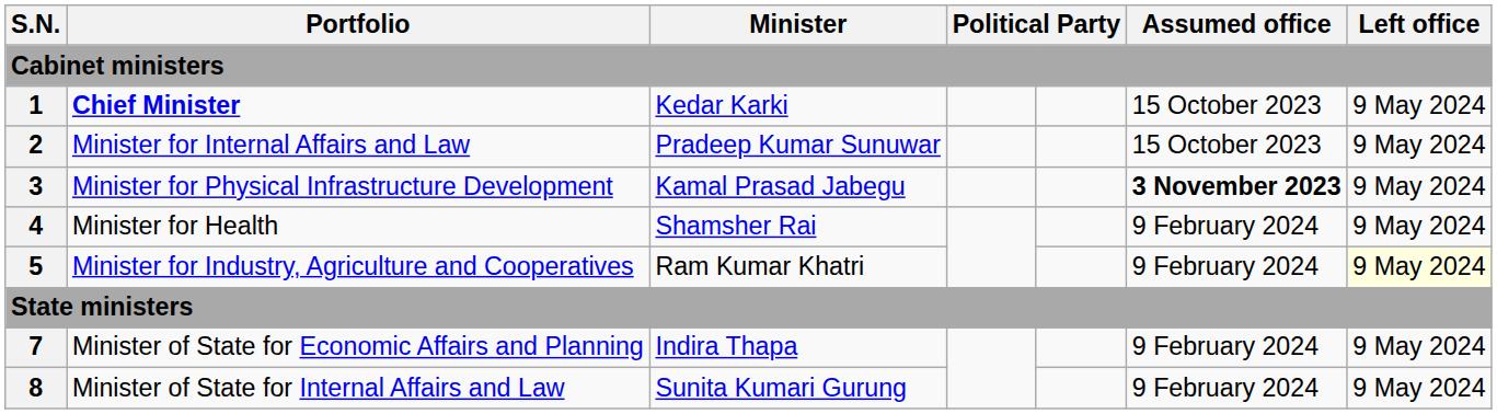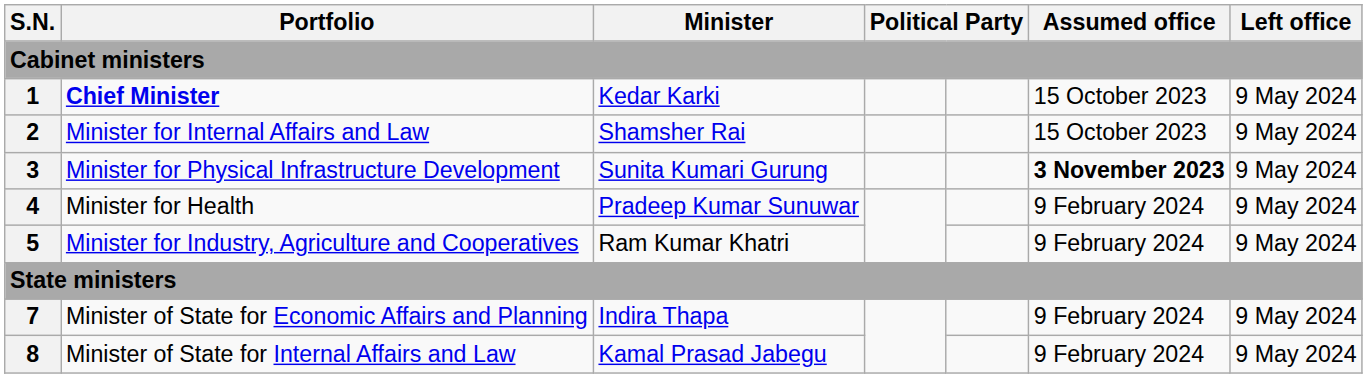 <table class="wikitable">
 <tr>
 <th>S.N.</th>
 <th>Portfolio</th>
 <th>Minister<br></th>
 <th colspan="2">Political Party</th>
 <th>Assumed office</th>
 <th>Left office</th>
 </tr>
 <tr>
 <td colspan="7" bgcolor="darkgrey"><strong>Cabinet ministers</strong></td>
 </tr>
 <tr>
 <th>1</th>
 <td><strong><a href='#'>Chief Minister</a><br></strong></td>
 <td><a href='#'>Kedar Karki</a><br></td>
 <td></td>
 <td></td>
 <td>15 October 2023</td>
 <td>9 May 2024</td>
 </tr>
 <tr>
 <th>2</th>
 <td><a href='#'>Minister for Internal Affairs and Law</a></td>
-<td><a href='#'>Pradeep Kumar Sunuwar</a><br></td>
+<td><a href='#'>Shamsher Rai</a><br></td>
 <td></td>
 <td></td>
 <td>15 October 2023</td>
 <td>9 May 2024</td>
 </tr>
 <tr>
 <th>3</th>
 <td><a href='#'>Minister for Physical Infrastructure Development</a></td>
-<td><a href='#'>Kamal Prasad Jabegu</a><br></td>
+<td><a href='#'>Sunita Kumari Gurung</a><br></td>
 <td></td>
 <td></td>
 <td><strong>3 November 2023</strong></td>
 <td>9 May 2024</td>
 </tr>
 <tr>
 <th>4</th>
 <td>Minister for Health</td>
-<td><a href='#'>Shamsher Rai</a><br></td>
+<td><a href='#'>Pradeep Kumar Sunuwar</a><br></td>
 <td rowspan="2"></td>
 <td></td>
 <td>9 February 2024</td>
 <td>9 May 2024</td>
 </tr>
 <tr>
 <th>5</th>
 <td><a href='#'>Minister for Industry, Agriculture and Cooperatives</a></td>
 <td>Ram Kumar Khatri<br></td>
 <td></td>
 <td>9 February 2024</td>
-<td style="background: lightyellow;">9 May 2024</td>
+<td>9 May 2024</td>
 </tr>
 <tr>
 <td colspan="7" bgcolor="darkgrey"><strong>State ministers</strong></td>
 </tr>
 <tr>
 <th>7</th>
 <td>Minister of State for <a href='#'>Economic Affairs and Planning</a></td>
 <td><a href='#'>Indira Thapa</a><br></td>
 <td rowspan="2"></td>
 <td></td>
 <td>9 February 2024</td>
 <td>9 May 2024</td>
 </tr>
 <tr>
 <th>8</th>
 <td>Minister of State for <a href='#'>Internal Affairs and Law</a></td>
-<td><a href='#'>Sunita Kumari Gurung</a><br></td>
+<td><a href='#'>Kamal Prasad Jabegu</a><br></td>
 <td></td>
 <td>9 February 2024</td>
 <td>9 May 2024</td>
 </tr>
 </table>
